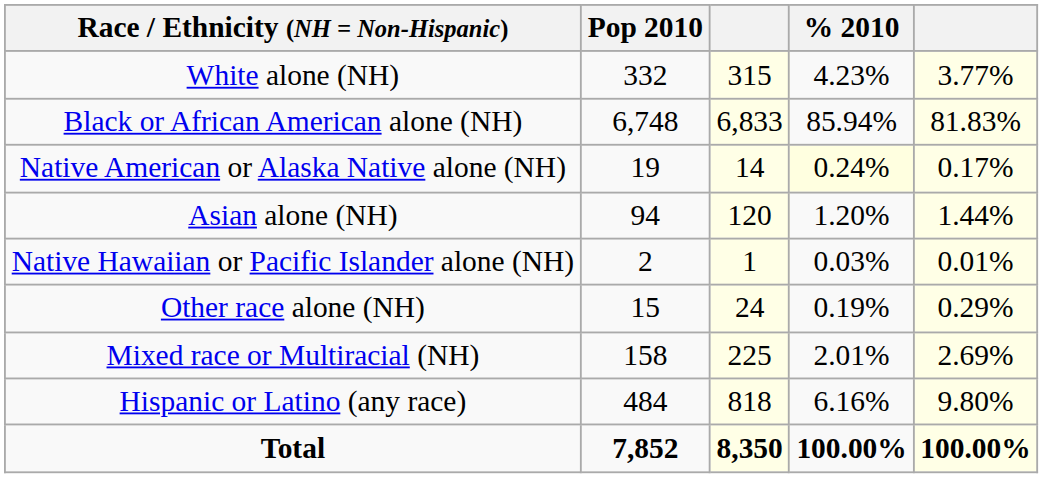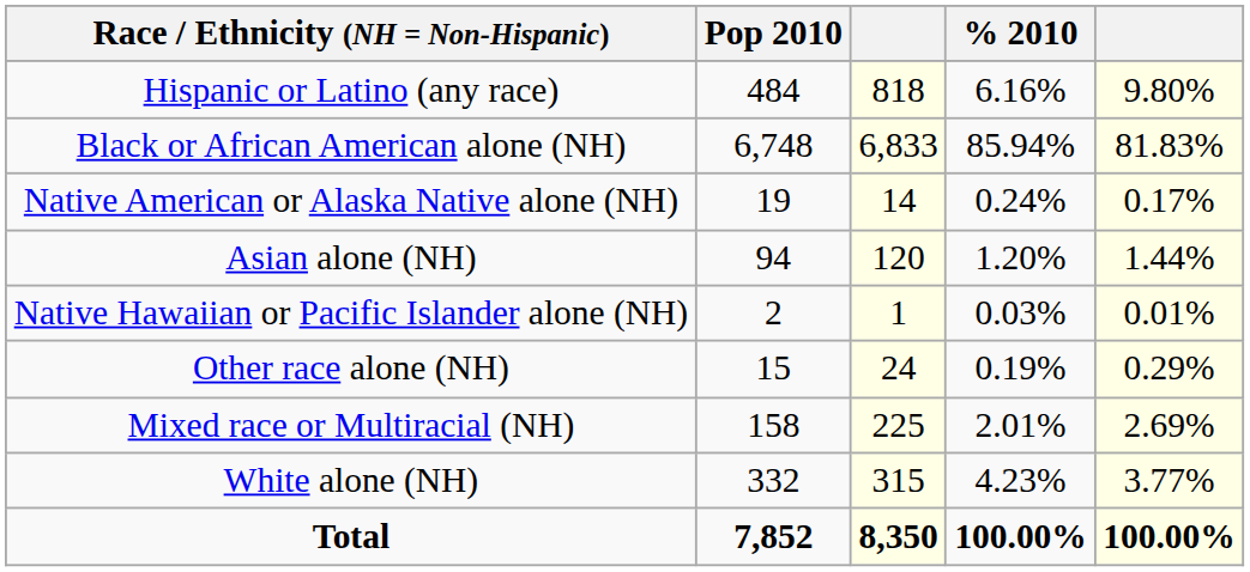 <table class="wikitable" style="text-align:center;">
 <tr>
 <th>Race / Ethnicity <small>(<em>NH = Non-Hispanic</em>)</small></th>
 <th>Pop 2010</th>
 <th></th>
 <th>% 2010</th>
 <th></th>
 </tr>
 <tr>
-<td><a href='#'>White</a> alone (NH)</td>
-<td>332</td>
-<td style='background: #ffffe6;'>315</td>
-<td>4.23%</td>
-<td style='background: #ffffe6;'>3.77%</td>
+<td><a href='#'>Hispanic or Latino</a> (any race)</td>
+<td>484</td>
+<td style='background: #ffffe6;'>818</td>
+<td>6.16%</td>
+<td style='background: #ffffe6;'>9.80%</td>
 </tr>
 <tr>
 <td><a href='#'>Black or African American</a> alone (NH)</td>
 <td>6,748</td>
 <td style='background: #ffffe6;'>6,833</td>
 <td>85.94%</td>
 <td style='background: #ffffe6;'>81.83%</td>
 </tr>
 <tr>
 <td><a href='#'>Native American</a> or <a href='#'>Alaska Native</a> alone (NH)</td>
 <td>19</td>
 <td style='background: #ffffe6;'>14</td>
-<td style="background: lightyellow;">0.24%</td>
+<td>0.24%</td>
 <td style='background: #ffffe6;'>0.17%</td>
 </tr>
 <tr>
 <td><a href='#'>Asian</a> alone (NH)</td>
 <td>94</td>
 <td style='background: #ffffe6;'>120</td>
 <td>1.20%</td>
 <td style='background: #ffffe6;'>1.44%</td>
 </tr>
 <tr>
 <td><a href='#'>Native Hawaiian</a> or <a href='#'>Pacific Islander</a> alone (NH)</td>
 <td>2</td>
 <td style='background: #ffffe6;'>1</td>
 <td>0.03%</td>
 <td style='background: #ffffe6;'>0.01%</td>
 </tr>
 <tr>
 <td><a href='#'>Other race</a> alone (NH)</td>
 <td>15</td>
 <td style='background: #ffffe6;'>24</td>
 <td>0.19%</td>
 <td style='background: #ffffe6;'>0.29%</td>
 </tr>
 <tr>
 <td><a href='#'>Mixed race or Multiracial</a> (NH)</td>
 <td>158</td>
 <td style='background: #ffffe6;'>225</td>
 <td>2.01%</td>
 <td style='background: #ffffe6;'>2.69%</td>
 </tr>
 <tr>
-<td><a href='#'>Hispanic or Latino</a> (any race)</td>
-<td>484</td>
-<td style='background: #ffffe6;'>818</td>
-<td>6.16%</td>
-<td style='background: #ffffe6;'>9.80%</td>
+<td><a href='#'>White</a> alone (NH)</td>
+<td>332</td>
+<td style='background: #ffffe6;'>315</td>
+<td>4.23%</td>
+<td style='background: #ffffe6;'>3.77%</td>
 </tr>
 <tr>
 <td><strong>Total</strong></td>
 <td><strong>7,852</strong></td>
 <td style='background: #ffffe6;'><strong>8,350</strong></td>
 <td><strong>100.00%</strong></td>
 <td style='background: #ffffe6;'><strong>100.00%</strong></td>
 </tr>
 </table>
